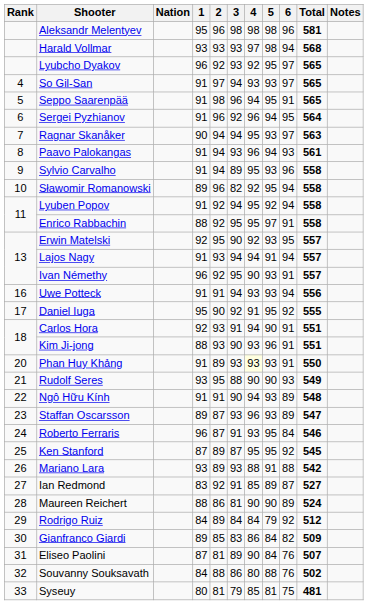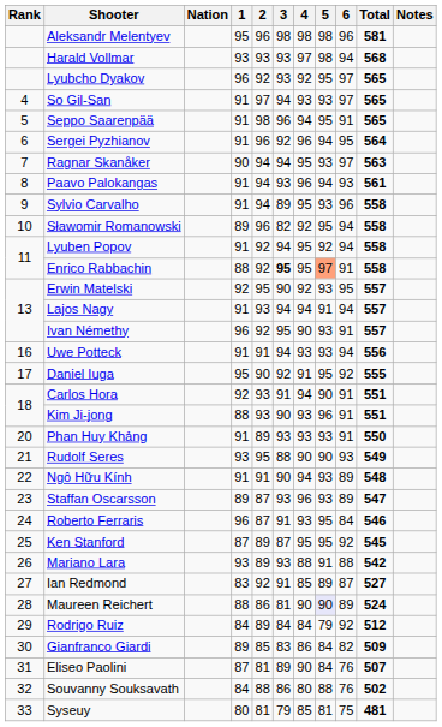 <table class="wikitable sortable" style="text-align:center">
 <tr>
 <th>Rank</th>
 <th>Shooter</th>
 <th>Nation</th>
 <th>1</th>
 <th>2</th>
 <th>3</th>
 <th>4</th>
 <th>5</th>
 <th>6</th>
 <th>Total</th>
 <th>Notes</th>
 </tr>
 <tr>
 <td></td>
 <td align=left><a href='#'>Aleksandr Melentyev</a></td>
 <td align=left></td>
 <td>95</td>
 <td>96</td>
 <td>98</td>
 <td>98</td>
 <td>98</td>
 <td>96</td>
 <td><strong>581</strong></td>
 <td><strong></strong></td>
 </tr>
 <tr>
 <td></td>
 <td align=left><a href='#'>Harald Vollmar</a></td>
 <td align=left></td>
 <td>93</td>
 <td>93</td>
 <td>93</td>
 <td>97</td>
 <td>98</td>
 <td>94</td>
 <td><strong>568</strong></td>
 <td></td>
 </tr>
 <tr>
 <td></td>
 <td align=left><a href='#'>Lyubcho Dyakov</a></td>
 <td align=left></td>
 <td>96</td>
 <td>92</td>
 <td>93</td>
 <td>92</td>
 <td>95</td>
 <td>97</td>
 <td><strong>565</strong></td>
 <td></td>
 </tr>
 <tr>
 <td>4</td>
 <td align=left><a href='#'>So Gil-San</a></td>
 <td align=left></td>
 <td>91</td>
 <td>97</td>
 <td>94</td>
 <td>93</td>
 <td>93</td>
 <td>97</td>
 <td><strong>565</strong></td>
 <td></td>
 </tr>
 <tr>
 <td>5</td>
 <td align=left><a href='#'>Seppo Saarenpää</a></td>
 <td align=left></td>
 <td>91</td>
 <td>98</td>
 <td>96</td>
 <td>94</td>
 <td>95</td>
 <td>91</td>
 <td><strong>565</strong></td>
 <td></td>
 </tr>
 <tr>
 <td>6</td>
 <td align=left><a href='#'>Sergei Pyzhianov</a></td>
 <td align=left></td>
 <td>91</td>
 <td>96</td>
 <td>92</td>
 <td>96</td>
 <td>94</td>
 <td>95</td>
 <td><strong>564</strong></td>
 <td></td>
 </tr>
 <tr>
 <td>7</td>
 <td align=left><a href='#'>Ragnar Skanåker</a></td>
 <td align=left></td>
 <td>90</td>
 <td>94</td>
 <td>94</td>
 <td>95</td>
 <td>93</td>
 <td>97</td>
 <td><strong>563</strong></td>
 <td></td>
 </tr>
 <tr>
 <td>8</td>
 <td align=left><a href='#'>Paavo Palokangas</a></td>
 <td align=left></td>
 <td>91</td>
 <td>94</td>
 <td>93</td>
 <td>96</td>
 <td>94</td>
 <td>93</td>
 <td><strong>561</strong></td>
 <td></td>
 </tr>
 <tr>
 <td>9</td>
 <td align=left><a href='#'>Sylvio Carvalho</a></td>
 <td align=left></td>
 <td>91</td>
 <td>94</td>
 <td>89</td>
 <td>95</td>
 <td>93</td>
 <td>96</td>
 <td><strong>558</strong></td>
 <td></td>
 </tr>
 <tr>
 <td>10</td>
 <td align=left><a href='#'>Sławomir Romanowski</a></td>
 <td align=left></td>
 <td>89</td>
 <td>96</td>
 <td>82</td>
 <td>92</td>
 <td>95</td>
 <td>94</td>
 <td><strong>558</strong></td>
 <td></td>
 </tr>
 <tr>
 <td rowspan=2>11</td>
 <td align=left><a href='#'>Lyuben Popov</a></td>
 <td align=left></td>
 <td>91</td>
 <td>92</td>
 <td>94</td>
 <td>95</td>
 <td>92</td>
 <td>94</td>
 <td><strong>558</strong></td>
 <td></td>
 </tr>
 <tr>
 <td align=left><a href='#'>Enrico Rabbachin</a></td>
 <td align=left></td>
 <td>88</td>
 <td>92</td>
+<td><strong>95</strong></td>
 <td>95</td>
-<td>95</td>
-<td>97</td>
+<td style="background: lightsalmon;">97</td>
 <td>91</td>
 <td><strong>558</strong></td>
 <td></td>
 </tr>
 <tr>
 <td rowspan=3>13</td>
 <td align=left><a href='#'>Erwin Matelski</a></td>
 <td align=left></td>
 <td>92</td>
 <td>95</td>
 <td>90</td>
 <td>92</td>
 <td>93</td>
 <td>95</td>
 <td><strong>557</strong></td>
 <td></td>
 </tr>
 <tr>
 <td align=left><a href='#'>Lajos Nagy</a></td>
 <td align=left></td>
 <td>91</td>
 <td>93</td>
 <td>94</td>
 <td>94</td>
 <td>91</td>
 <td>94</td>
 <td><strong>557</strong></td>
 <td></td>
 </tr>
 <tr>
 <td align=left><a href='#'>Ivan Némethy</a></td>
 <td align=left></td>
 <td>96</td>
 <td>92</td>
 <td>95</td>
 <td>90</td>
 <td>93</td>
 <td>91</td>
 <td><strong>557</strong></td>
 <td></td>
 </tr>
 <tr>
 <td>16</td>
 <td align=left><a href='#'>Uwe Potteck</a></td>
 <td align=left></td>
 <td>91</td>
 <td>91</td>
 <td>94</td>
 <td>93</td>
 <td>93</td>
 <td>94</td>
 <td><strong>556</strong></td>
 <td></td>
 </tr>
 <tr>
 <td>17</td>
 <td align=left><a href='#'>Daniel Iuga</a></td>
 <td align=left></td>
 <td>95</td>
 <td>90</td>
 <td>92</td>
 <td>91</td>
 <td>95</td>
 <td>92</td>
 <td><strong>555</strong></td>
 <td></td>
 </tr>
 <tr>
 <td rowspan=2>18</td>
 <td align=left><a href='#'>Carlos Hora</a></td>
 <td align=left></td>
 <td>92</td>
 <td>93</td>
 <td>91</td>
 <td>94</td>
 <td>90</td>
 <td>91</td>
 <td><strong>551</strong></td>
 <td></td>
 </tr>
 <tr>
 <td align=left><a href='#'>Kim Ji-jong</a></td>
 <td align=left></td>
 <td>88</td>
 <td>93</td>
 <td>90</td>
 <td>93</td>
 <td>96</td>
 <td>91</td>
 <td><strong>551</strong></td>
 <td></td>
 </tr>
 <tr>
 <td>20</td>
 <td align=left><a href='#'>Phan Huy Khảng</a></td>
 <td align=left></td>
 <td>91</td>
 <td>89</td>
 <td>93</td>
-<td style="background: lightyellow;">93</td>
+<td>93</td>
 <td>93</td>
 <td>91</td>
 <td><strong>550</strong></td>
 <td></td>
 </tr>
 <tr>
 <td>21</td>
 <td align=left><a href='#'>Rudolf Seres</a></td>
 <td align=left></td>
 <td>93</td>
 <td>95</td>
 <td>88</td>
 <td>90</td>
 <td>90</td>
 <td>93</td>
 <td><strong>549</strong></td>
 <td></td>
 </tr>
 <tr>
 <td>22</td>
 <td align=left><a href='#'>Ngô Hữu Kính</a></td>
 <td align=left></td>
 <td>91</td>
 <td>91</td>
 <td>90</td>
 <td>94</td>
 <td>93</td>
 <td>89</td>
 <td><strong>548</strong></td>
 <td></td>
 </tr>
 <tr>
 <td>23</td>
 <td align=left><a href='#'>Staffan Oscarsson</a></td>
 <td align=left></td>
 <td>89</td>
 <td>87</td>
 <td>93</td>
 <td>96</td>
 <td>93</td>
 <td>89</td>
 <td><strong>547</strong></td>
 <td></td>
 </tr>
 <tr>
 <td>24</td>
 <td align=left><a href='#'>Roberto Ferraris</a></td>
 <td align=left></td>
 <td>96</td>
 <td>87</td>
 <td>91</td>
 <td>93</td>
 <td>95</td>
 <td>84</td>
 <td><strong>546</strong></td>
 <td></td>
 </tr>
 <tr>
 <td>25</td>
 <td align=left><a href='#'>Ken Stanford</a></td>
 <td align=left></td>
 <td>87</td>
 <td>89</td>
 <td>87</td>
 <td>95</td>
 <td>95</td>
 <td>92</td>
 <td><strong>545</strong></td>
 <td></td>
 </tr>
 <tr>
 <td>26</td>
 <td align=left><a href='#'>Mariano Lara</a></td>
 <td align=left></td>
 <td>93</td>
 <td>89</td>
 <td>93</td>
 <td>88</td>
 <td>91</td>
 <td>88</td>
 <td><strong>542</strong></td>
 <td></td>
 </tr>
 <tr>
 <td>27</td>
 <td align=left>Ian Redmond</td>
 <td align=left></td>
 <td>83</td>
 <td>92</td>
 <td>91</td>
 <td>85</td>
 <td>89</td>
 <td>87</td>
 <td><strong>527</strong></td>
 <td></td>
 </tr>
 <tr>
 <td>28</td>
 <td align=left>Maureen Reichert</td>
 <td align=left></td>
 <td>88</td>
 <td>86</td>
 <td>81</td>
 <td>90</td>
-<td>90</td>
+<td style="background: lavender;">90</td>
 <td>89</td>
 <td><strong>524</strong></td>
 <td></td>
 </tr>
 <tr>
 <td>29</td>
 <td align=left><a href='#'>Rodrigo Ruiz</a></td>
 <td align=left></td>
 <td>84</td>
 <td>89</td>
 <td>84</td>
 <td>84</td>
 <td>79</td>
 <td>92</td>
 <td><strong>512</strong></td>
 <td></td>
 </tr>
 <tr>
 <td>30</td>
 <td align=left><a href='#'>Gianfranco Giardi</a></td>
 <td align=left></td>
 <td>89</td>
 <td>85</td>
 <td>83</td>
 <td>86</td>
 <td>84</td>
 <td>82</td>
 <td><strong>509</strong></td>
 <td></td>
 </tr>
 <tr>
 <td>31</td>
 <td align=left>Eliseo Paolini</td>
 <td align=left></td>
 <td>87</td>
 <td>81</td>
 <td>89</td>
 <td>90</td>
 <td>84</td>
 <td>76</td>
 <td><strong>507</strong></td>
 <td></td>
 </tr>
 <tr>
 <td>32</td>
 <td align=left>Souvanny Souksavath</td>
 <td align=left></td>
 <td>84</td>
 <td>88</td>
 <td>86</td>
 <td>80</td>
 <td>88</td>
 <td>76</td>
 <td><strong>502</strong></td>
 <td></td>
 </tr>
 <tr>
 <td>33</td>
 <td align=left>Syseuy</td>
 <td align=left></td>
 <td>80</td>
 <td>81</td>
 <td>79</td>
 <td>85</td>
 <td>81</td>
 <td>75</td>
 <td><strong>481</strong></td>
 <td></td>
 </tr>
 </table>
